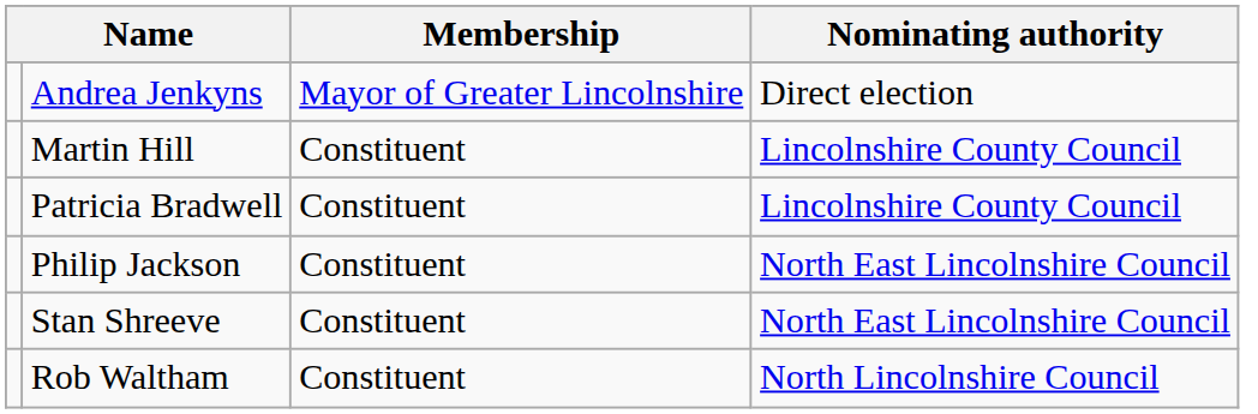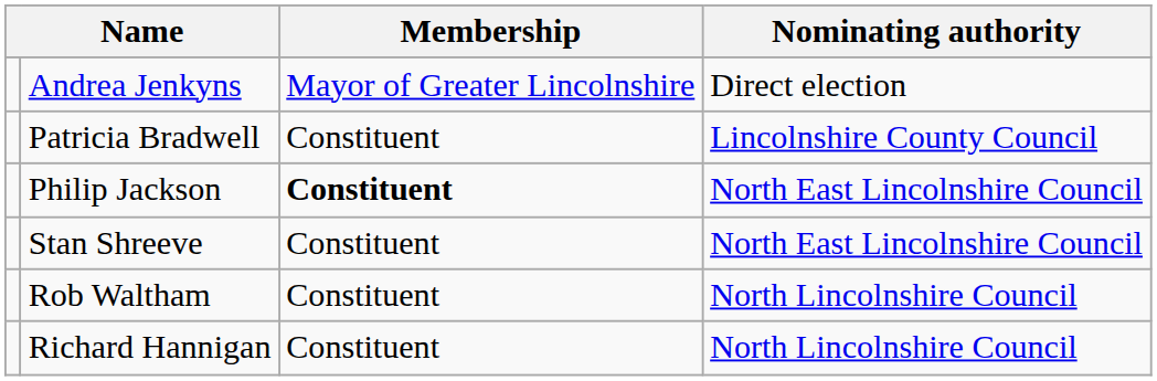 <table class="wikitable sortable">
 <tr>
 <th colspan=2>Name</th>
 <th>Membership</th>
 <th>Nominating authority</th>
 </tr>
 <tr>
 <td style="background:"></td>
 <td><a href='#'>Andrea Jenkyns</a></td>
 <td><a href='#'>Mayor of Greater Lincolnshire</a></td>
 <td>Direct election</td>
 </tr>
 <tr>
 <td style="background:"></td>
-<td>Martin Hill</td>
-<td>Constituent</td>
-<td><a href='#'>Lincolnshire County Council</a></td>
-</tr>
-<tr>
-<td style="background:"></td>
 <td>Patricia Bradwell</td>
 <td>Constituent</td>
 <td><a href='#'>Lincolnshire County Council</a></td>
 </tr>
 <tr>
 <td style="background:"></td>
 <td>Philip Jackson</td>
-<td>Constituent</td>
+<td><strong>Constituent</strong></td>
 <td><a href='#'>North East Lincolnshire Council</a></td>
 </tr>
 <tr>
 <td style="background:"></td>
 <td>Stan Shreeve</td>
 <td>Constituent</td>
 <td><a href='#'>North East Lincolnshire Council</a></td>
 </tr>
 <tr>
 <td style="background:"></td>
 <td>Rob Waltham</td>
 <td>Constituent</td>
 <td><a href='#'>North Lincolnshire Council</a></td>
 </tr>
+<tr>
+<td style="background:"></td>
+<td>Richard Hannigan</td>
+<td>Constituent</td>
+<td><a href='#'>North Lincolnshire Council</a></td>
+</tr>
 </table>
